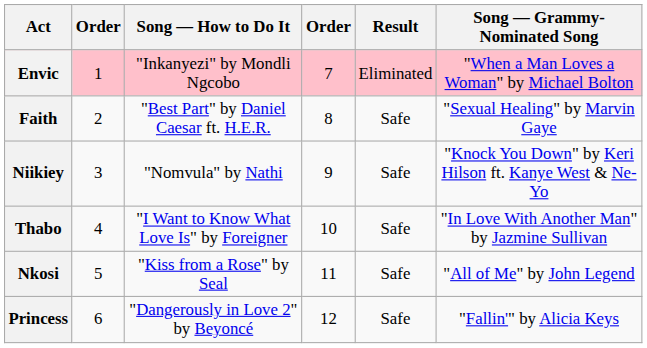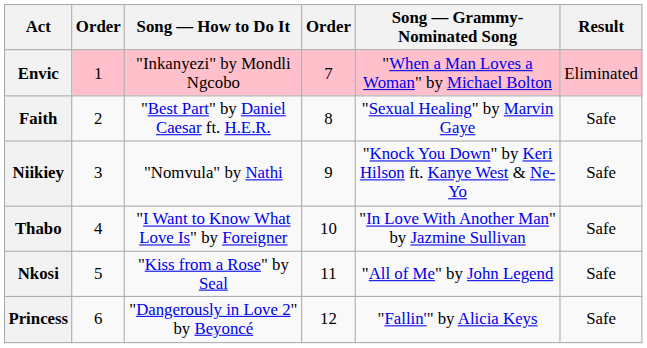 <table class="wikitable plainrowheaders" style="text-align:center;">
 <tr>
 <th scope"col">Act</th>
 <th scope"col">Order</th>
 <th scope"col">Song — How to Do It</th>
 <th scope"col">Order</th>
+<th scope"col">Song — Grammy-Nominated Song</th>
 <th scope"col">Result</th>
-<th scope"col">Song — Grammy-Nominated Song</th>
 </tr>
 <tr bgcolor="pink">
 <th scope=row>Envic</th>
 <td>1</td>
 <td>"Inkanyezi" by Mondli Ngcobo</td>
 <td>7</td>
+<td>"<a href='#'>When a Man Loves a Woman</a>" by <a href='#'>Michael Bolton</a></td>
 <td>Eliminated</td>
-<td>"<a href='#'>When a Man Loves a Woman</a>" by <a href='#'>Michael Bolton</a></td>
 </tr>
 <tr>
 <th scope=row>Faith</th>
 <td>2</td>
 <td>"<a href='#'>Best Part</a>" by <a href='#'>Daniel Caesar</a> ft. <a href='#'>H.E.R.</a></td>
 <td>8</td>
+<td>"<a href='#'>Sexual Healing</a>" by <a href='#'>Marvin Gaye</a></td>
 <td>Safe</td>
-<td>"<a href='#'>Sexual Healing</a>" by <a href='#'>Marvin Gaye</a></td>
 </tr>
 <tr>
 <th scope=row>Niikiey</th>
 <td>3</td>
 <td>"Nomvula" by <a href='#'>Nathi</a></td>
 <td>9</td>
+<td>"<a href='#'>Knock You Down</a>" by <a href='#'>Keri Hilson</a> ft. <a href='#'>Kanye West</a> & <a href='#'>Ne-Yo</a></td>
 <td>Safe</td>
-<td>"<a href='#'>Knock You Down</a>" by <a href='#'>Keri Hilson</a> ft. <a href='#'>Kanye West</a> & <a href='#'>Ne-Yo</a></td>
 </tr>
 <tr>
 <th scope=row>Thabo</th>
 <td>4</td>
 <td>"<a href='#'>I Want to Know What Love Is</a>" by <a href='#'>Foreigner</a></td>
 <td>10</td>
+<td>"<a href='#'>In Love With Another Man</a>" by <a href='#'>Jazmine Sullivan</a></td>
 <td>Safe</td>
-<td>"<a href='#'>In Love With Another Man</a>" by <a href='#'>Jazmine Sullivan</a></td>
 </tr>
 <tr>
 <th scope=row>Nkosi</th>
 <td>5</td>
 <td>"<a href='#'>Kiss from a Rose</a>" by <a href='#'>Seal</a></td>
 <td>11</td>
+<td>"<a href='#'>All of Me</a>" by <a href='#'>John Legend</a></td>
 <td>Safe</td>
-<td>"<a href='#'>All of Me</a>" by <a href='#'>John Legend</a></td>
 </tr>
 <tr>
 <th scope=row>Princess</th>
 <td>6</td>
 <td>"<a href='#'>Dangerously in Love 2</a>" by <a href='#'>Beyoncé</a></td>
 <td>12</td>
+<td>"<a href='#'>Fallin'</a>" by <a href='#'>Alicia Keys</a></td>
 <td>Safe</td>
-<td>"<a href='#'>Fallin'</a>" by <a href='#'>Alicia Keys</a></td>
 </tr>
 </table>
